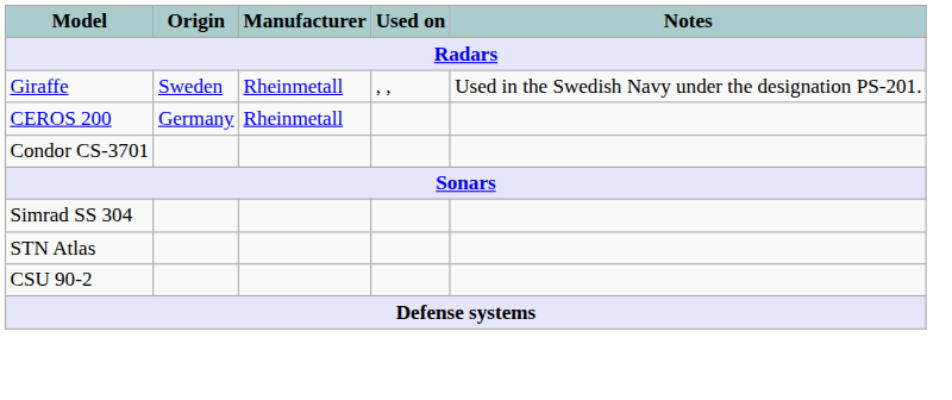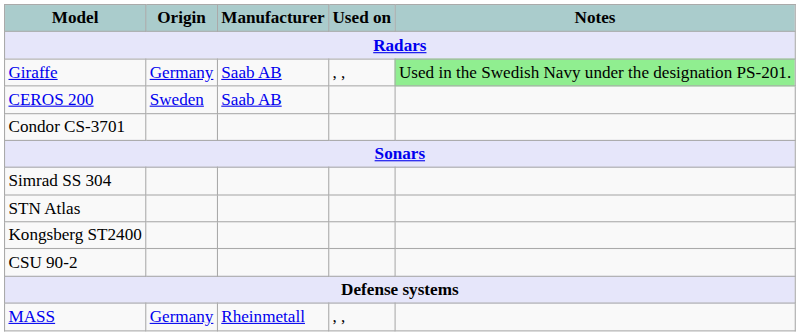 <table class="wikitable">
 <tr>
 <th style="text-align:center; background:#acc;">Model</th>
 <th style="text-align:center; background:#acc;">Origin</th>
 <th style="text-align:center; background:#acc;">Manufacturer</th>
 <th style="text-align:center; background:#acc;">Used on</th>
 <th style="text-align:center; background:#acc;">Notes</th>
 </tr>
 <tr>
 <th colspan="5" style="align: center; background: lavender;"><a href='#'>Radars</a></th>
 </tr>
 <tr>
 <td><a href='#'>Giraffe</a></td>
-<td><a href='#'>Sweden</a></td>
-<td><a href='#'>Rheinmetall</a></td>
+<td><a href='#'>Germany</a></td>
+<td><a href='#'>Saab AB</a></td>
 <td>, , </td>
-<td>Used in the Swedish Navy under the designation PS-201.</td>
+<td style="background: lightgreen;">Used in the Swedish Navy under the designation PS-201.</td>
 </tr>
 <tr>
 <td><a href='#'>CEROS 200</a></td>
-<td><a href='#'>Germany</a></td>
-<td><a href='#'>Rheinmetall</a></td>
+<td><a href='#'>Sweden</a></td>
+<td><a href='#'>Saab AB</a></td>
 <td></td>
 <td></td>
 </tr>
 <tr>
 <td>Condor CS-3701</td>
 <td></td>
 <td></td>
 <td></td>
 <td></td>
 </tr>
 <tr>
 <th colspan="5" style="align: center; background: lavender;"><a href='#'>Sonars</a></th>
 </tr>
 <tr>
 <td>Simrad SS 304</td>
 <td></td>
 <td></td>
 <td></td>
 <td></td>
 </tr>
 <tr>
 <td>STN Atlas</td>
 <td></td>
 <td></td>
 <td></td>
 <td></td>
 </tr>
 <tr>
+<td>Kongsberg ST2400</td>
+<td></td>
+<td></td>
+<td></td>
+<td></td>
+</tr>
+<tr>
 <td>CSU 90-2</td>
 <td></td>
 <td></td>
 <td></td>
 <td></td>
 </tr>
 <tr>
 <th colspan="5" style="align: center; background: lavender;">Defense systems</th>
 </tr>
+<tr>
+<td><a href='#'>MASS</a></td>
+<td><a href='#'>Germany</a></td>
+<td><a href='#'>Rheinmetall</a></td>
+<td>, , </td>
+<td></td>
+</tr>
 </table>
